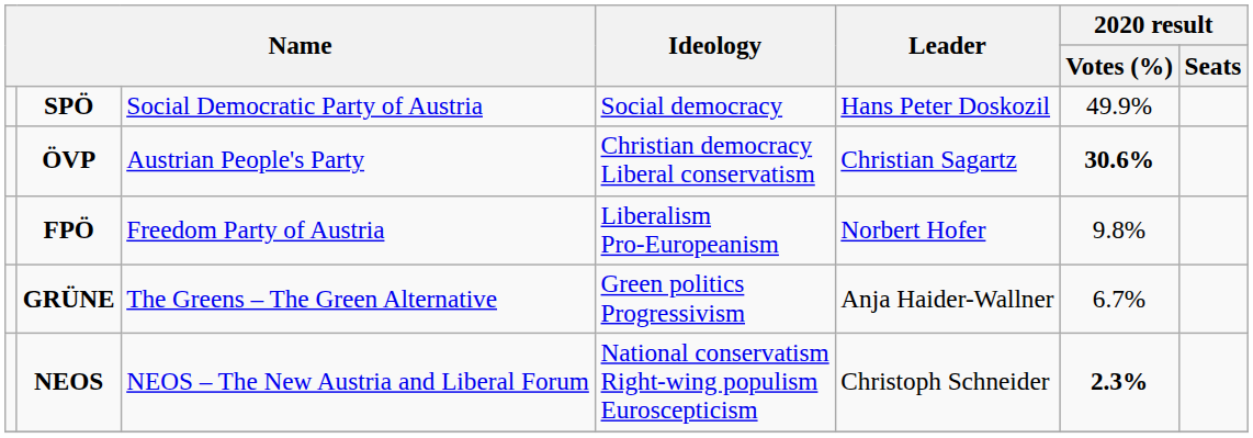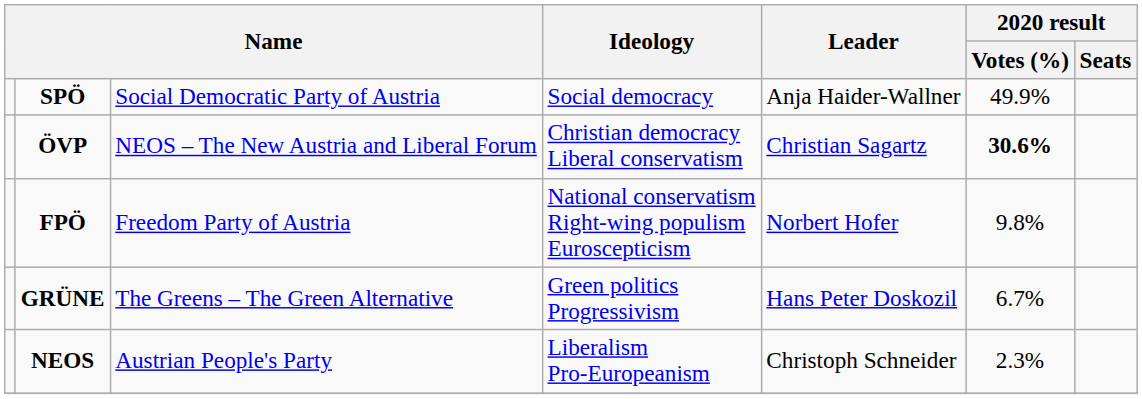 <table class="wikitable">
 <tr>
 <th rowspan="2" colspan="3">Name</th>
 <th rowspan="2">Ideology</th>
 <th rowspan="2">Leader</th>
 <th colspan="2">2020 result</th>
 </tr>
 <tr>
 <th>Votes (%)</th>
 <th>Seats</th>
 </tr>
 <tr>
 <td style="background:"></td>
 <td style="text-align:center;"><strong>SPÖ</strong></td>
 <td><a href='#'>Social Democratic Party of Austria</a><br></td>
 <td><a href='#'>Social democracy</a></td>
-<td><a href='#'>Hans Peter Doskozil</a></td>
+<td>Anja Haider-Wallner</td>
 <td style="text-align:center;">49.9%</td>
 <td></td>
 </tr>
 <tr>
 <td style="background:"></td>
 <td style="text-align:center;"><strong>ÖVP</strong></td>
-<td><a href='#'>Austrian People's Party</a><br></td>
+<td><a href='#'>NEOS – The New Austria and Liberal Forum</a><br></td>
 <td><a href='#'>Christian democracy</a><br><a href='#'>Liberal conservatism</a></td>
 <td><a href='#'>Christian Sagartz</a></td>
 <td style="text-align:center;"><strong>30.6%</strong></td>
 <td></td>
 </tr>
 <tr>
 <td style="background:"></td>
 <td style="text-align:center;"><strong>FPÖ</strong></td>
 <td><a href='#'>Freedom Party of Austria</a><br></td>
-<td><a href='#'>Liberalism</a><br><a href='#'>Pro-Europeanism</a></td>
+<td><a href='#'>National conservatism</a><br><a href='#'>Right-wing populism</a><br><a href='#'>Euroscepticism</a></td>
 <td><a href='#'>Norbert Hofer</a></td>
 <td style="text-align:center;">9.8%</td>
 <td></td>
 </tr>
 <tr>
 <td style="background:"></td>
 <td style="text-align:center;"><strong>GRÜNE</strong></td>
 <td><a href='#'>The Greens – The Green Alternative</a><br></td>
 <td><a href='#'>Green politics</a><br><a href='#'>Progressivism</a></td>
-<td>Anja Haider-Wallner</td>
+<td><a href='#'>Hans Peter Doskozil</a></td>
 <td style="text-align:center;">6.7%</td>
 <td></td>
 </tr>
 <tr>
 <td style="background:"></td>
 <td style="text-align:center;"><strong>NEOS</strong></td>
-<td><a href='#'>NEOS – The New Austria and Liberal Forum</a><br></td>
-<td><a href='#'>National conservatism</a><br><a href='#'>Right-wing populism</a><br><a href='#'>Euroscepticism</a></td>
+<td><a href='#'>Austrian People's Party</a><br></td>
+<td><a href='#'>Liberalism</a><br><a href='#'>Pro-Europeanism</a></td>
 <td>Christoph Schneider</td>
-<td style="text-align:center;"><strong>2.3%</strong></td>
+<td style="text-align:center;">2.3%</td>
 <td></td>
 </tr>
 <tr>
 </tr>
 </table>
